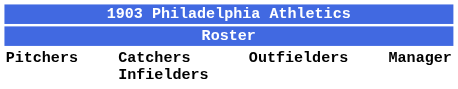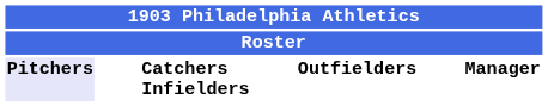 <table class="toccolours" style="font-size: 95%;">
 <tr>
 <th colspan="10" style="background-color: #4169e1; color: white; text-align: center;">1903 Philadelphia Athletics</th>
 </tr>
 <tr>
 <td colspan="10" style="background-color: #4169e1; color: white; text-align: center;"><strong>Roster</strong></td>
 </tr>
 <tr>
-<td valign="top"><strong>Pitchers</strong><br>        </td>
+<td valign="top" style="background: lavender;"><strong>Pitchers</strong><br>        </td>
 <td width="25px"></td>
 <td valign="top"><strong>Catchers</strong><br>   <strong>Infielders</strong>      </td>
 <td width="25px"></td>
 <td valign="top"><strong>Outfielders</strong><br>   </td>
 <td width="25px"></td>
 <td valign="top"><strong>Manager</strong><br></td>
 </tr>
 </table>
